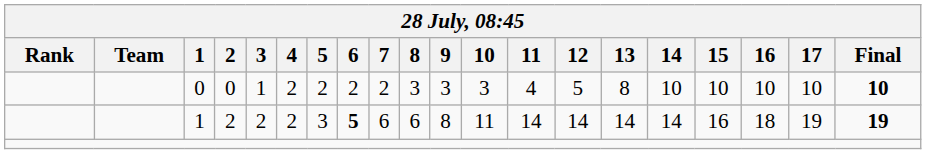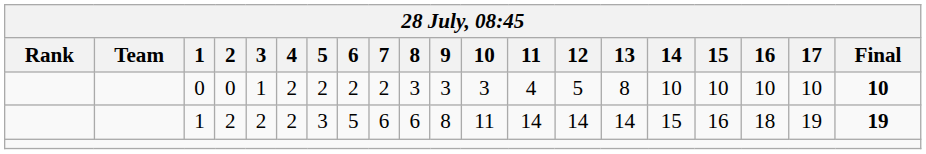 <table class=wikitable style="text-align:center; width: 55%">
 <tr>
 <th colspan=21><em>28 July, 08:45</em></th>
 </tr>
 <tr>
 <th>Rank</th>
 <th>Team</th>
 <th>1</th>
 <th>2</th>
 <th>3</th>
 <th>4</th>
 <th>5</th>
 <th>6</th>
 <th>7</th>
 <th>8</th>
 <th>9</th>
 <th>10</th>
 <th>11</th>
 <th>12</th>
 <th>13</th>
 <th>14</th>
 <th>15</th>
 <th>16</th>
 <th>17</th>
 <th>Final</th>
 </tr>
 <tr>
 <td></td>
 <td align=left></td>
 <td>0</td>
 <td>0</td>
 <td>1</td>
 <td>2</td>
 <td>2</td>
 <td>2</td>
 <td>2</td>
 <td>3</td>
 <td>3</td>
 <td>3</td>
 <td>4</td>
 <td>5</td>
 <td>8</td>
 <td>10</td>
 <td>10</td>
 <td>10</td>
 <td>10</td>
 <td><strong>10</strong></td>
 </tr>
 <tr>
 <td></td>
 <td align=left><strong></strong></td>
 <td>1</td>
 <td>2</td>
 <td>2</td>
 <td>2</td>
 <td>3</td>
-<td><strong>5</strong></td>
+<td>5</td>
 <td>6</td>
 <td>6</td>
 <td>8</td>
 <td>11</td>
 <td>14</td>
 <td>14</td>
 <td>14</td>
-<td>14</td>
+<td>15</td>
 <td>16</td>
 <td>18</td>
 <td>19</td>
 <td><strong>19</strong></td>
 </tr>
 <tr>
 <td colspan=21></td>
 </tr>
 </table>
